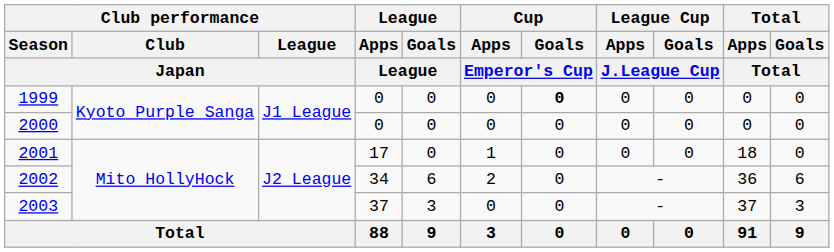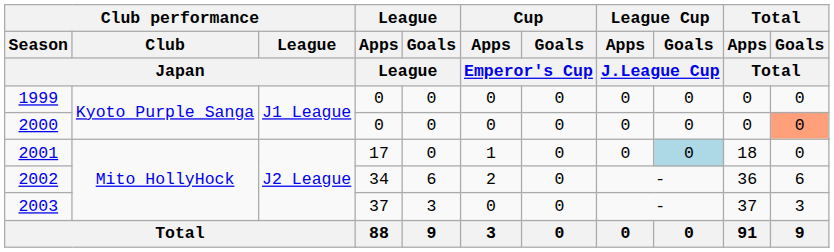 <table class="wikitable" style="text-align:center;">
 <tr>
 <th colspan=3>Club performance</th>
 <th colspan=2>League</th>
 <th colspan=2>Cup</th>
 <th colspan=2>League Cup</th>
 <th colspan=2>Total</th>
 </tr>
 <tr>
 <th>Season</th>
 <th>Club</th>
 <th>League</th>
 <th>Apps</th>
 <th>Goals</th>
 <th>Apps</th>
 <th>Goals</th>
 <th>Apps</th>
 <th>Goals</th>
 <th>Apps</th>
 <th>Goals</th>
 </tr>
 <tr>
 <th colspan=3>Japan</th>
 <th colspan=2>League</th>
 <th colspan=2><a href='#'>Emperor's Cup</a></th>
 <th colspan=2><a href='#'>J.League Cup</a></th>
 <th colspan=2>Total</th>
 </tr>
 <tr>
 <td><a href='#'>1999</a></td>
 <td rowspan="2"><a href='#'>Kyoto Purple Sanga</a></td>
 <td rowspan="2"><a href='#'>J1 League</a></td>
 <td>0</td>
 <td>0</td>
 <td>0</td>
-<td><strong>0</strong></td>
+<td>0</td>
 <td>0</td>
 <td>0</td>
 <td>0</td>
 <td>0</td>
 </tr>
 <tr>
 <td><a href='#'>2000</a></td>
 <td>0</td>
 <td>0</td>
 <td>0</td>
 <td>0</td>
 <td>0</td>
 <td>0</td>
 <td>0</td>
-<td>0</td>
+<td style="background: lightsalmon;">0</td>
 </tr>
 <tr>
 <td><a href='#'>2001</a></td>
 <td rowspan="3"><a href='#'>Mito HollyHock</a></td>
 <td rowspan="3"><a href='#'>J2 League</a></td>
 <td>17</td>
 <td>0</td>
 <td>1</td>
 <td>0</td>
 <td>0</td>
-<td>0</td>
+<td style="background: lightblue;">0</td>
 <td>18</td>
 <td>0</td>
 </tr>
 <tr>
 <td><a href='#'>2002</a></td>
 <td>34</td>
 <td>6</td>
 <td>2</td>
 <td>0</td>
 <td colspan="2">-</td>
 <td>36</td>
 <td>6</td>
 </tr>
 <tr>
 <td><a href='#'>2003</a></td>
 <td>37</td>
 <td>3</td>
 <td>0</td>
 <td>0</td>
 <td colspan="2">-</td>
 <td>37</td>
 <td>3</td>
 </tr>
 <tr>
 <th colspan=3>Total</th>
 <th>88</th>
 <th>9</th>
 <th>3</th>
 <th>0</th>
 <th>0</th>
 <th>0</th>
 <th>91</th>
 <th>9</th>
 </tr>
 </table>
